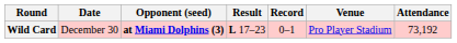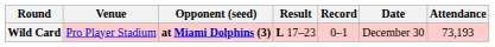 <table class="wikitable" style="text-align:center">
 <tr>
 <th>Round</th>
-<th>Date</th>
+<th>Venue</th>
 <th>Opponent (seed)</th>
 <th>Result</th>
 <th>Record</th>
-<th>Venue</th>
+<th>Date</th>
 <th>Attendance</th>
 </tr>
 <tr style="background:#fcc">
 <th>Wild Card</th>
-<td>December 30</td>
+<td><a href='#'>Pro Player Stadium</a></td>
 <td><strong>at <a href='#'>Miami Dolphins</a> (3)</strong></td>
 <td><strong>L</strong> 17–23</td>
 <td>0–1</td>
-<td><a href='#'>Pro Player Stadium</a></td>
-<td>73,192</td>
+<td>December 30</td>
+<td>73,193</td>
 </tr>
 </table>
